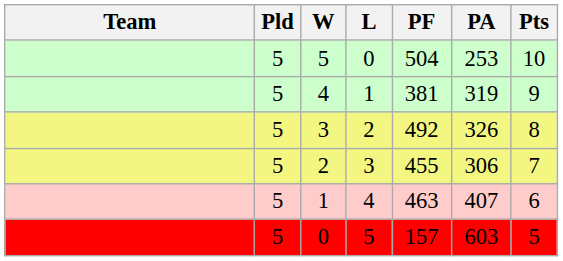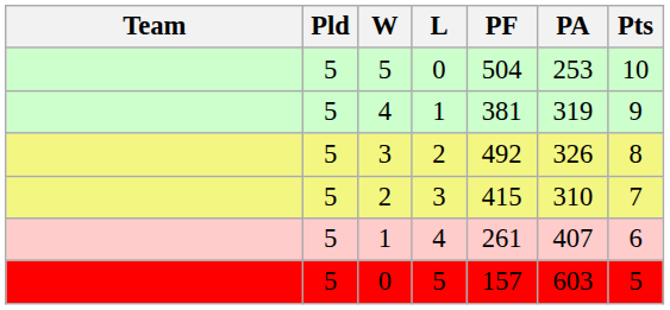 <table class="wikitable" style="text-align:center;">
 <tr>
 <th width=170>Team</th>
 <th width=25>Pld</th>
 <th width=25>W</th>
 <th width=25>L</th>
 <th width=35>PF</th>
 <th width=35>PA</th>
 <th width=25>Pts</th>
 </tr>
 <tr bgcolor=#ccffcc>
 <td align="left"></td>
 <td>5</td>
 <td>5</td>
 <td>0</td>
 <td>504</td>
 <td>253</td>
 <td>10</td>
 </tr>
 <tr bgcolor=#ccffcc>
 <td align="left"></td>
 <td>5</td>
 <td>4</td>
 <td>1</td>
 <td>381</td>
 <td>319</td>
 <td>9</td>
 </tr>
 <tr bgcolor=#F3F781>
 <td align="left"></td>
 <td>5</td>
 <td>3</td>
 <td>2</td>
 <td>492</td>
 <td>326</td>
 <td>8</td>
 </tr>
 <tr bgcolor=#F3F781>
 <td align="left"></td>
 <td>5</td>
 <td>2</td>
 <td>3</td>
-<td>455</td>
-<td>306</td>
+<td>415</td>
+<td>310</td>
 <td>7</td>
 </tr>
 <tr bgcolor=#ffcccc>
 <td align="left"></td>
 <td>5</td>
 <td>1</td>
 <td>4</td>
-<td>463</td>
+<td>261</td>
 <td>407</td>
 <td>6</td>
 </tr>
 <tr bgcolor=#FF0000>
 <td align="left"></td>
 <td>5</td>
 <td>0</td>
 <td>5</td>
 <td>157</td>
 <td>603</td>
 <td>5</td>
 </tr>
 </table>
